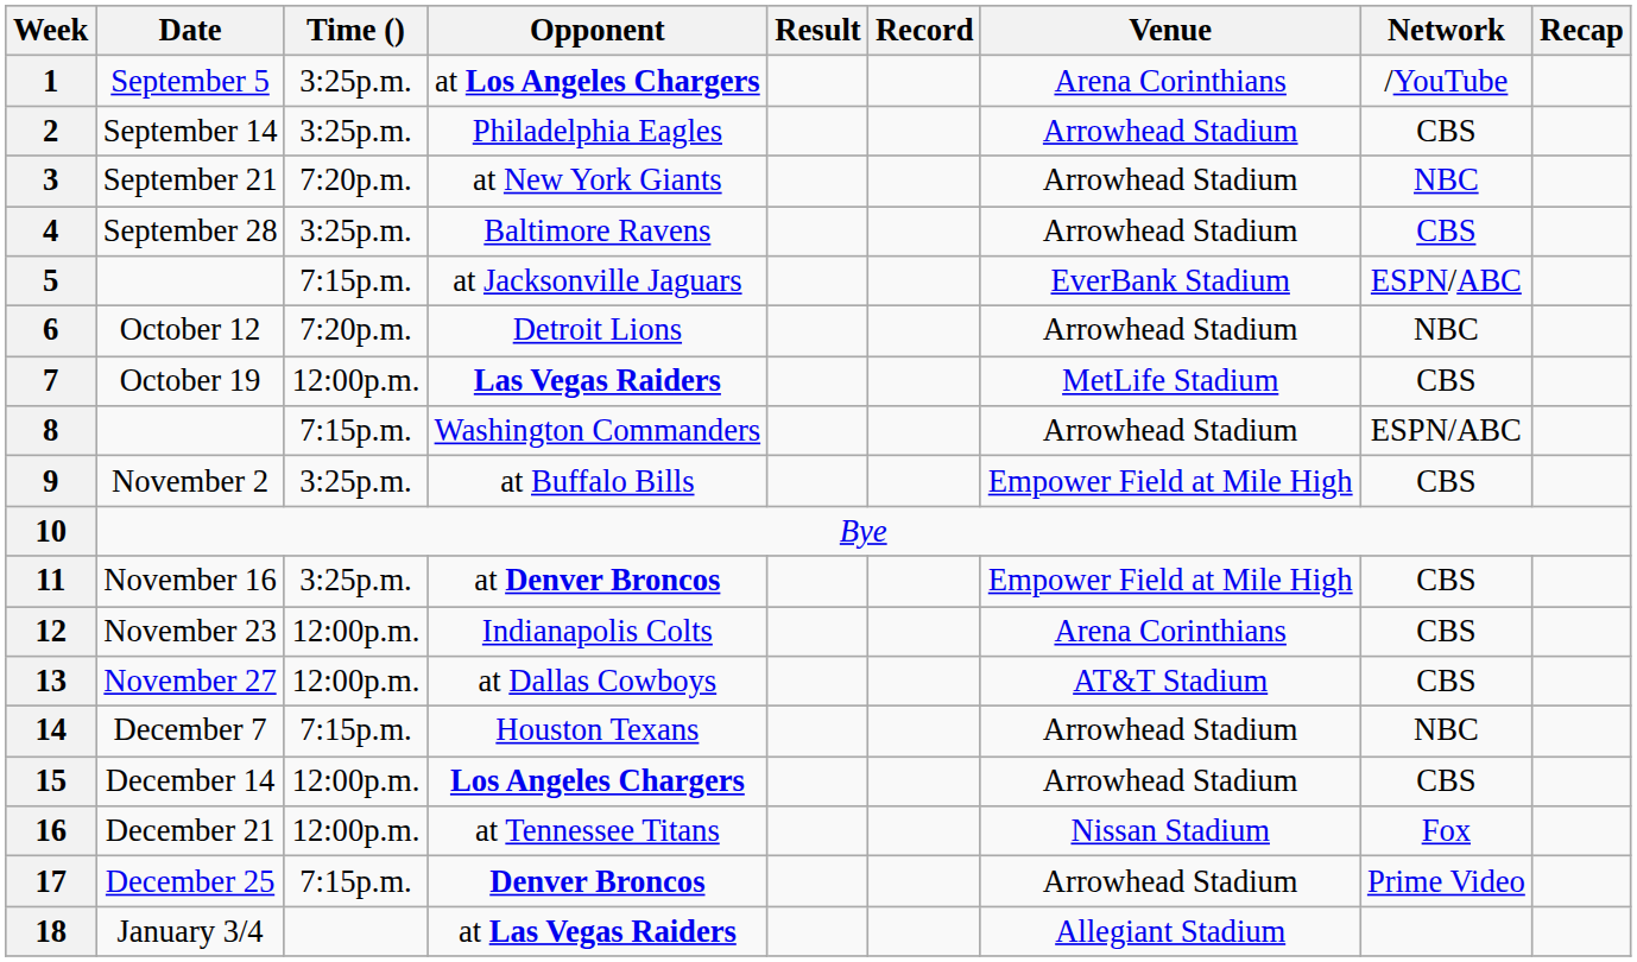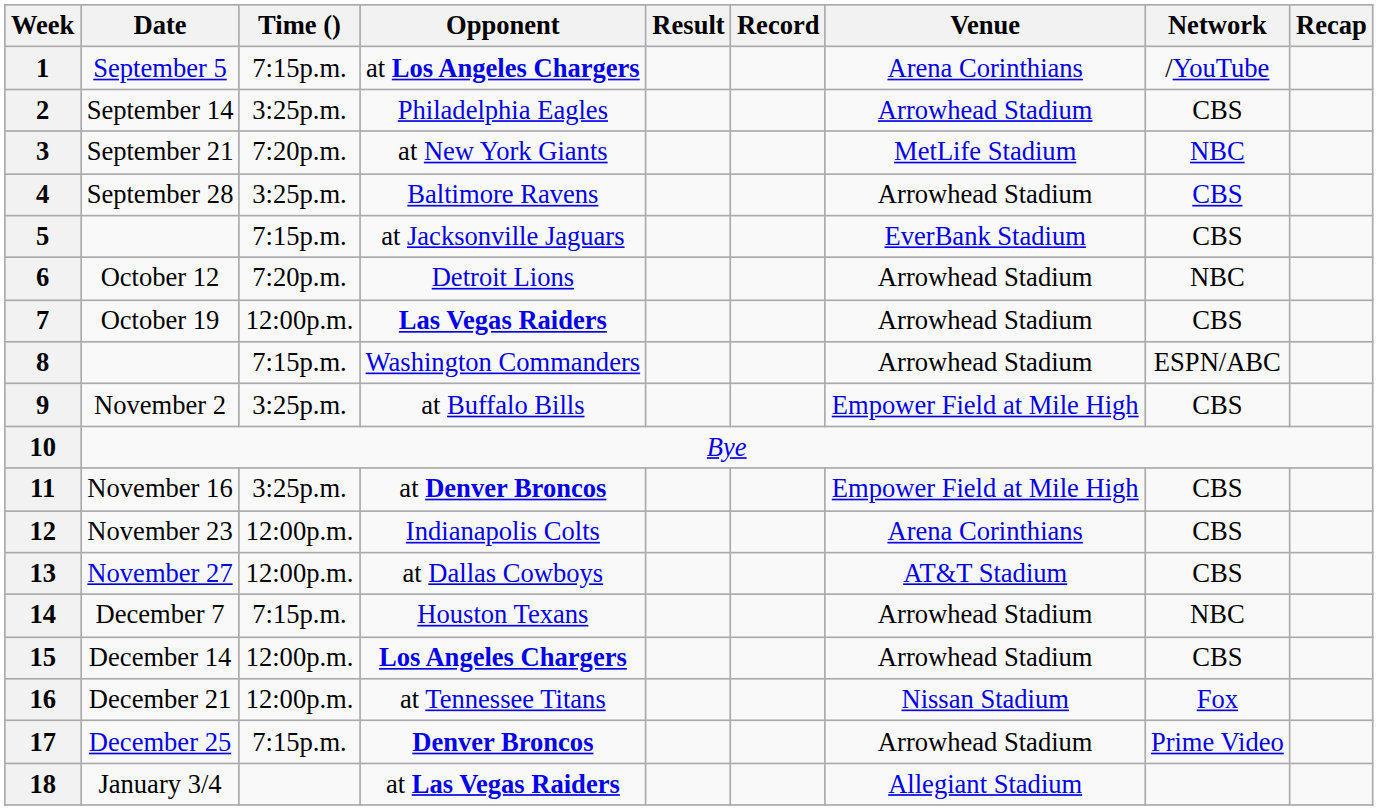 <table class="wikitable" style="text-align:center">
 <tr>
 <th>Week</th>
 <th>Date</th>
 <th>Time (<a href='#'></a>)</th>
 <th>Opponent</th>
 <th>Result</th>
 <th>Record</th>
 <th>Venue</th>
 <th>Network</th>
 <th>Recap</th>
 </tr>
 <tr>
 <th>1</th>
 <td><a href='#'>September 5</a></td>
-<td>3:25p.m.</td>
+<td>7:15p.m.</td>
 <td>at <strong><a href='#'>Los Angeles Chargers</a></strong></td>
 <td></td>
 <td></td>
 <td> <a href='#'>Arena Corinthians</a> </td>
 <td>/<a href='#'>YouTube</a></td>
 <td></td>
 </tr>
 <tr>
 <th>2</th>
 <td>September 14</td>
 <td>3:25p.m.</td>
 <td><a href='#'>Philadelphia Eagles</a></td>
 <td></td>
 <td></td>
 <td><a href='#'>Arrowhead Stadium</a></td>
 <td>CBS</td>
 <td></td>
 </tr>
 <tr>
 <th>3</th>
 <td>September 21</td>
 <td>7:20p.m.</td>
 <td>at <a href='#'>New York Giants</a></td>
 <td></td>
 <td></td>
-<td>Arrowhead Stadium</td>
+<td><a href='#'>MetLife Stadium</a></td>
 <td><a href='#'>NBC</a></td>
 <td></td>
 </tr>
 <tr>
 <th>4</th>
 <td>September 28</td>
 <td>3:25p.m.</td>
 <td><a href='#'>Baltimore Ravens</a></td>
 <td></td>
 <td></td>
 <td>Arrowhead Stadium</td>
 <td><a href='#'>CBS</a></td>
 <td></td>
 </tr>
 <tr>
 <th>5</th>
 <td></td>
 <td>7:15p.m.</td>
 <td>at <a href='#'>Jacksonville Jaguars</a></td>
 <td></td>
 <td></td>
 <td><a href='#'>EverBank Stadium</a></td>
-<td><a href='#'>ESPN</a>/<a href='#'>ABC</a></td>
+<td>CBS</td>
 <td></td>
 </tr>
 <tr>
 <th>6</th>
 <td>October 12</td>
 <td>7:20p.m.</td>
 <td><a href='#'>Detroit Lions</a></td>
 <td></td>
 <td></td>
 <td>Arrowhead Stadium</td>
 <td>NBC</td>
 <td></td>
 </tr>
 <tr>
 <th>7</th>
 <td>October 19</td>
 <td>12:00p.m.</td>
 <td><strong><a href='#'>Las Vegas Raiders</a></strong></td>
 <td></td>
 <td></td>
-<td><a href='#'>MetLife Stadium</a></td>
+<td>Arrowhead Stadium</td>
 <td>CBS</td>
 <td></td>
 </tr>
 <tr>
 <th>8</th>
 <td></td>
 <td>7:15p.m.</td>
 <td><a href='#'>Washington Commanders</a></td>
 <td></td>
 <td></td>
 <td>Arrowhead Stadium</td>
 <td>ESPN/ABC</td>
 <td></td>
 </tr>
 <tr>
 <th>9</th>
 <td>November 2</td>
 <td>3:25p.m.</td>
 <td>at <a href='#'>Buffalo Bills</a></td>
 <td></td>
 <td></td>
 <td><a href='#'>Empower Field at Mile High</a></td>
 <td>CBS</td>
 <td></td>
 </tr>
 <tr>
 <th>10</th>
 <td colspan="9"><em><a href='#'>Bye</a></em></td>
 </tr>
 <tr>
 <th>11</th>
 <td>November 16</td>
 <td>3:25p.m.</td>
 <td>at <strong><a href='#'>Denver Broncos</a></strong></td>
 <td></td>
 <td></td>
 <td><a href='#'>Empower Field at Mile High</a></td>
 <td>CBS</td>
 <td></td>
 </tr>
 <tr>
 <th>12</th>
 <td>November 23</td>
 <td>12:00p.m.</td>
 <td><a href='#'>Indianapolis Colts</a></td>
 <td></td>
 <td></td>
 <td> <a href='#'>Arena Corinthians</a> </td>
 <td>CBS</td>
 <td></td>
 </tr>
 <tr>
 <th>13</th>
 <td><a href='#'>November 27</a></td>
 <td>12:00p.m.</td>
 <td>at <a href='#'>Dallas Cowboys</a></td>
 <td></td>
 <td></td>
 <td><a href='#'>AT&T Stadium</a></td>
 <td>CBS</td>
 <td></td>
 </tr>
 <tr>
 <th>14</th>
 <td>December 7</td>
 <td>7:15p.m.</td>
 <td><a href='#'>Houston Texans</a></td>
 <td></td>
 <td></td>
 <td>Arrowhead Stadium</td>
 <td>NBC</td>
 <td></td>
 </tr>
 <tr>
 <th>15</th>
 <td>December 14</td>
 <td>12:00p.m.</td>
 <td><strong><a href='#'>Los Angeles Chargers</a></strong></td>
 <td></td>
 <td></td>
 <td>Arrowhead Stadium</td>
 <td>CBS</td>
 <td></td>
 </tr>
 <tr>
 <th>16</th>
 <td>December 21</td>
 <td>12:00p.m.</td>
 <td>at <a href='#'>Tennessee Titans</a></td>
 <td></td>
 <td></td>
 <td><a href='#'>Nissan Stadium</a></td>
 <td><a href='#'>Fox</a></td>
 <td></td>
 </tr>
 <tr>
 <th>17</th>
 <td><a href='#'>December 25</a></td>
 <td>7:15p.m.</td>
 <td><strong><a href='#'>Denver Broncos</a></strong></td>
 <td></td>
 <td></td>
 <td>Arrowhead Stadium</td>
 <td><a href='#'>Prime Video</a></td>
 <td></td>
 </tr>
 <tr>
 <th>18</th>
 <td>January 3/4</td>
 <td></td>
 <td>at <strong><a href='#'>Las Vegas Raiders</a></strong></td>
 <td></td>
 <td></td>
 <td><a href='#'>Allegiant Stadium</a></td>
 <td></td>
 <td></td>
 </tr>
 </table>
